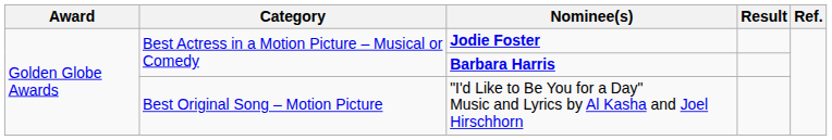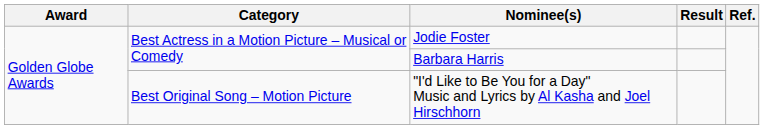 <table class="wikitable plainrowheaders">
 <tr>
 <th>Award</th>
 <th>Category</th>
 <th>Nominee(s)</th>
 <th>Result</th>
 <th>Ref.</th>
 </tr>
 <tr>
 <td rowspan="3"><a href='#'>Golden Globe Awards</a></td>
 <td rowspan="2"><a href='#'>Best Actress in a Motion Picture – Musical or Comedy</a></td>
-<td><strong><a href='#'>Jodie Foster</a></strong></td>
+<td><a href='#'>Jodie Foster</a></td>
 <td></td>
 <td align="center" rowspan="3"></td>
 </tr>
 <tr>
-<td><strong><a href='#'>Barbara Harris</a></strong></td>
+<td><a href='#'>Barbara Harris</a></td>
 <td></td>
 </tr>
 <tr>
 <td><a href='#'>Best Original Song – Motion Picture</a></td>
 <td>"I'd Like to Be You for a Day" <br> Music and Lyrics by <a href='#'>Al Kasha</a> and <a href='#'>Joel Hirschhorn</a></td>
 <td></td>
 </tr>
 </table>
